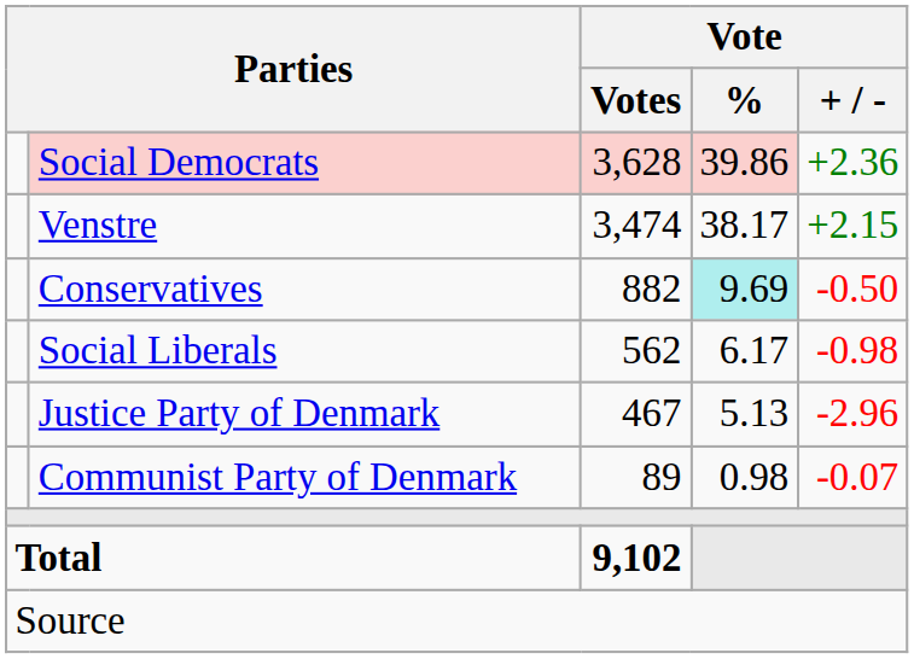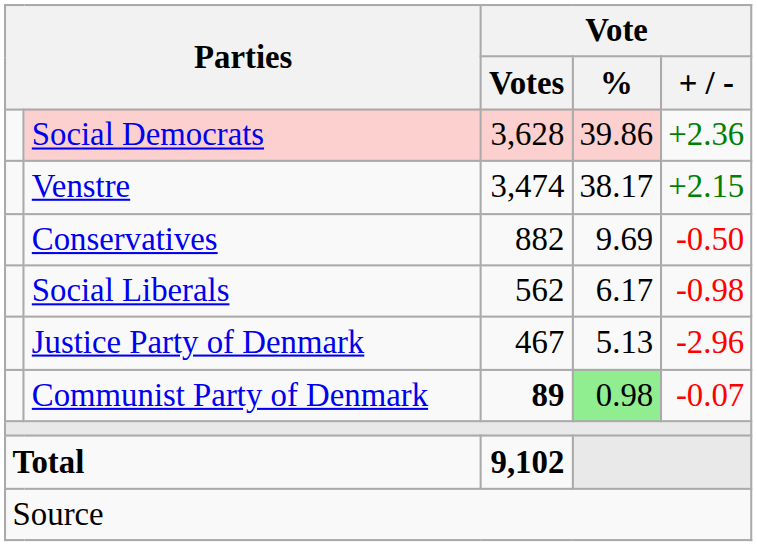 <table class="wikitable" style="text-align:right;">
 <tr>
 <th style="text-align:centre;" rowspan="2" colspan="2" width="225">Parties</th>
 <th colspan="3">Vote</th>
 </tr>
 <tr>
 <th width="15">Votes</th>
 <th width="15">%</th>
 <th width="15">+ / -</th>
 </tr>
 <tr>
 <td width="2" style="color:inherit;background:"></td>
 <td bgcolor=#fbd0ce  align="left"><a href='#'>Social Democrats</a></td>
 <td bgcolor=#fbd0ce>3,628</td>
 <td bgcolor=#fbd0ce>39.86</td>
 <td style=color:green;>+2.36</td>
 </tr>
 <tr>
 <td width="2" style="color:inherit;background:"></td>
 <td align="left"><a href='#'>Venstre</a></td>
 <td>3,474</td>
 <td>38.17</td>
 <td style=color:green;>+2.15</td>
 </tr>
 <tr>
 <td width="2" style="color:inherit;background:"></td>
 <td align="left"><a href='#'>Conservatives</a></td>
 <td>882</td>
-<td style="background: paleturquoise;">9.69</td>
+<td>9.69</td>
 <td style=color:red;>-0.50</td>
 </tr>
 <tr>
 <td width="2" style="color:inherit;background:"></td>
 <td align="left"><a href='#'>Social Liberals</a></td>
 <td>562</td>
 <td>6.17</td>
 <td style=color:red;>-0.98</td>
 </tr>
 <tr>
 <td width="2" style="color:inherit;background:"></td>
 <td align="left"><a href='#'>Justice Party of Denmark</a></td>
 <td>467</td>
 <td>5.13</td>
 <td style=color:red;>-2.96</td>
 </tr>
 <tr>
 <td width="2" style="color:inherit;background:"></td>
 <td align="left"><a href='#'>Communist Party of Denmark</a></td>
-<td>89</td>
-<td>0.98</td>
+<td><strong>89</strong></td>
+<td style="background: lightgreen;">0.98</td>
 <td style=color:red;>-0.07</td>
 </tr>
 <tr>
 <td colspan="7" bgcolor="#E9E9E9"></td>
 </tr>
 <tr>
 <td align="left" colspan="2"><strong>Total</strong></td>
 <td><strong>9,102</strong></td>
 <td bgcolor="#E9E9E9" colspan="2"></td>
 </tr>
 <tr>
 <td align="left" colspan="6">Source</td>
 </tr>
 </table>
